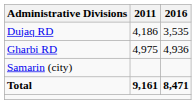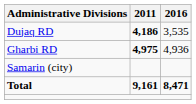 <table class="wikitable">
 <tr>
 <th>Administrative Divisions</th>
 <th>2011</th>
 <th>2016</th>
 </tr>
 <tr>
 <td><a href='#'>Dujaq RD</a></td>
-<td style="text-align: right;">4,186</td>
+<td style="text-align: right;"><strong>4,186</strong></td>
 <td style="text-align: right;">3,535</td>
 </tr>
 <tr>
 <td><a href='#'>Gharbi RD</a></td>
-<td style="text-align: right;">4,975</td>
+<td style="text-align: right;"><strong>4,975</strong></td>
 <td style="text-align: right;">4,936</td>
 </tr>
 <tr>
 <td><a href='#'>Samarin</a> (city)</td>
 <td style="text-align: right;"></td>
 <td style="text-align: right;"></td>
 </tr>
 <tr>
 <td><strong>Total</strong></td>
 <td style="text-align: right;"><strong>9,161</strong></td>
 <td style="text-align: right;"><strong>8,471</strong></td>
 </tr>
 <tr>
 <td colspan=3></td>
 </tr>
 </table>
